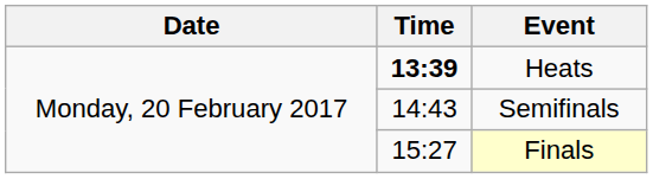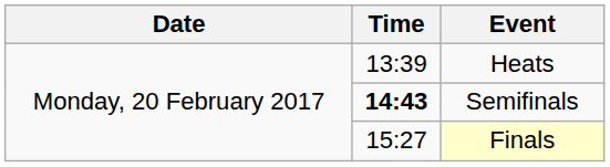 <table class = "wikitable" style="text-align:center;">
 <tr>
 <th width=220>Date</th>
 <th width=50>Time</th>
 <th width=100>Event</th>
 </tr>
 <tr>
 <td rowspan=3>Monday, 20 February 2017</td>
-<td><strong>13:39</strong></td>
+<td>13:39</td>
 <td>Heats</td>
 </tr>
 <tr>
-<td>14:43</td>
+<td><strong>14:43</strong></td>
 <td>Semifinals</td>
 </tr>
 <tr>
 <td>15:27</td>
 <td bgcolor=ffffcc>Finals</td>
 </tr>
 </table>
